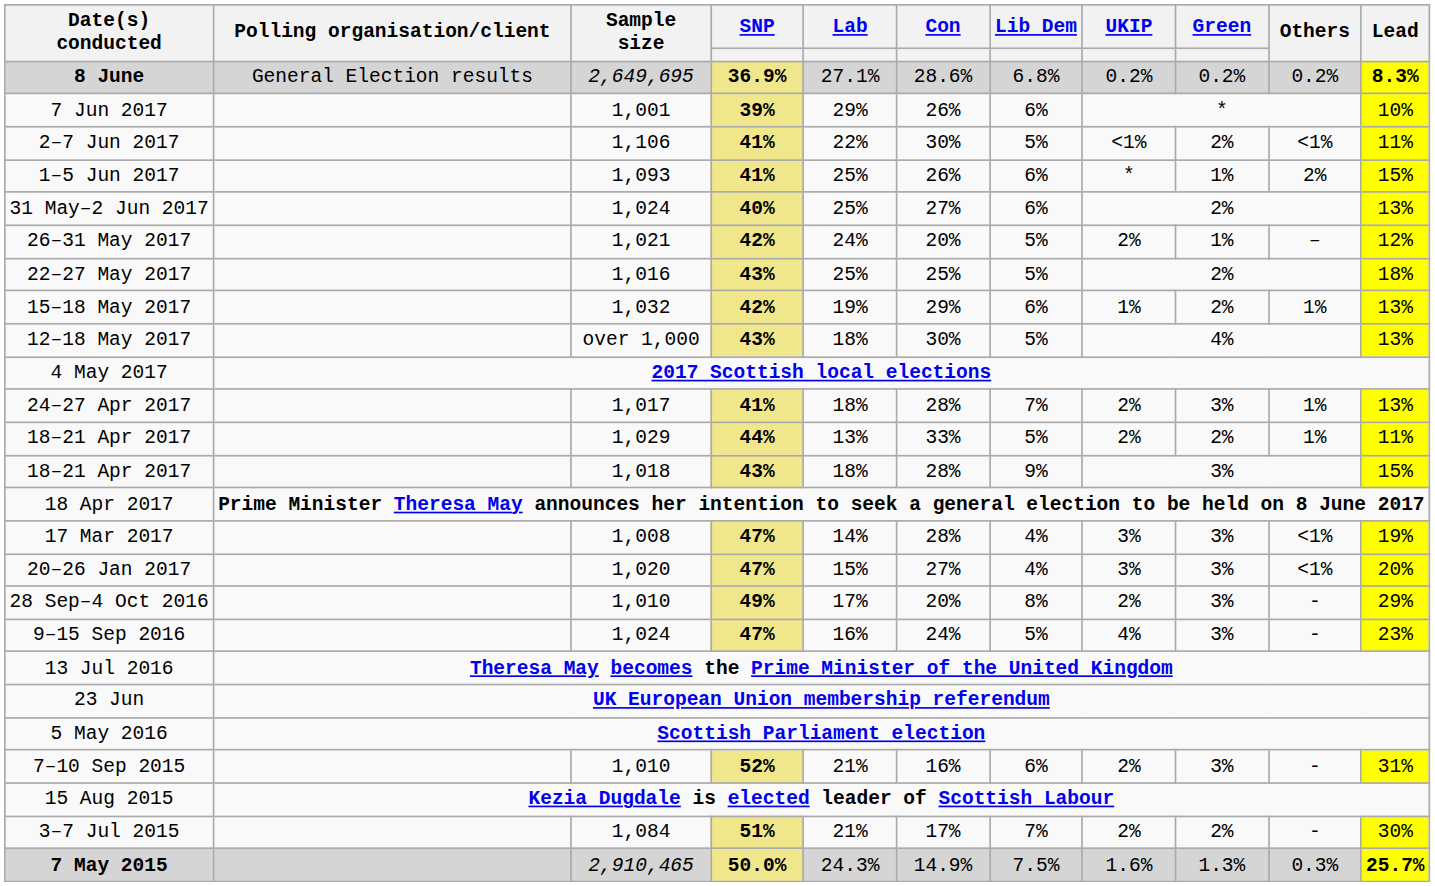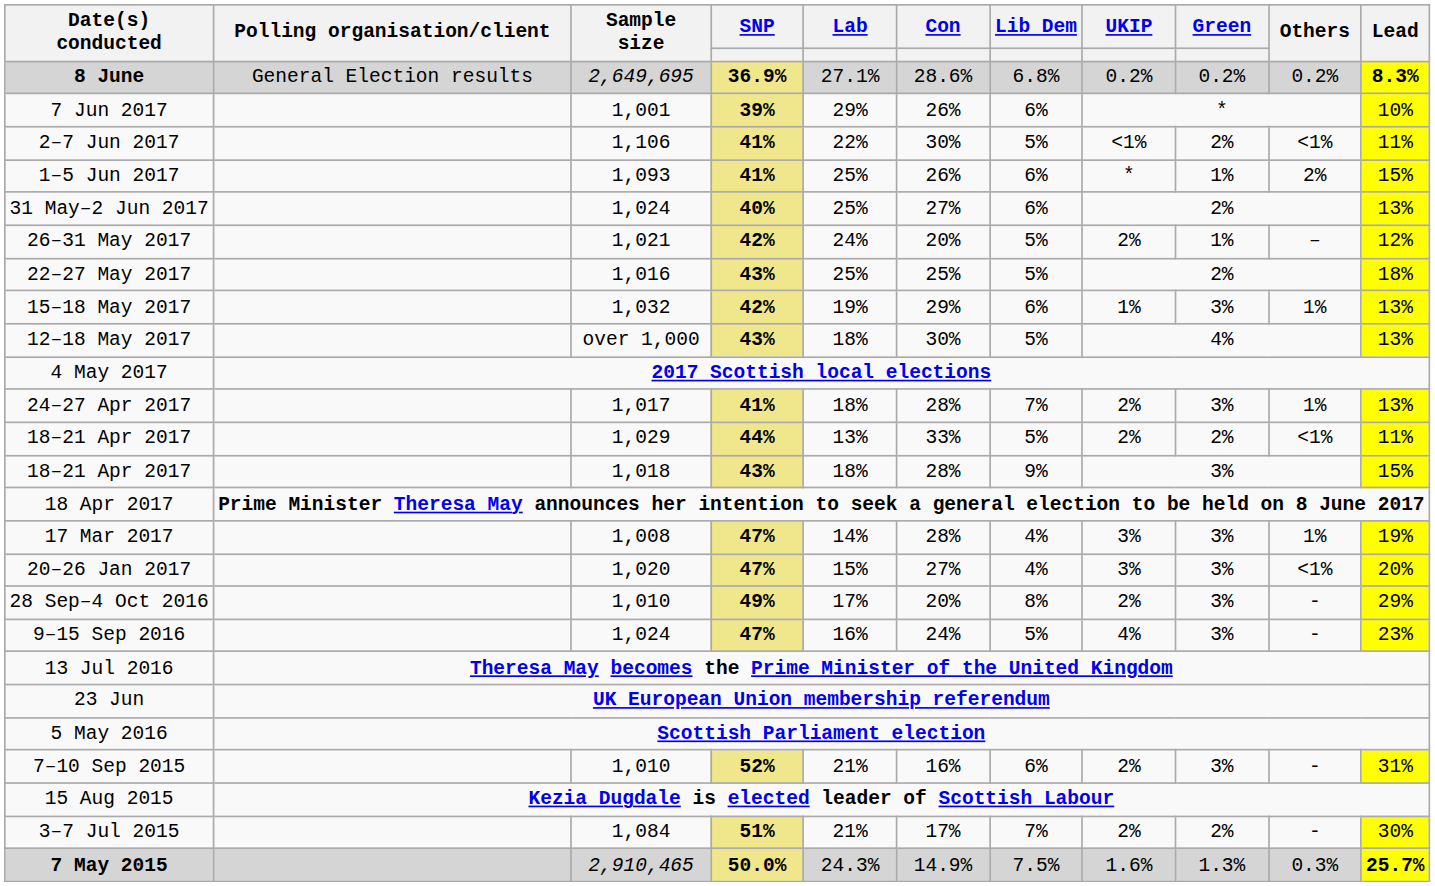 <table class="wikitable sortable mw-datatable" style="text-align:center;font-size:90%;line-height:14px;">
 <tr>
 <th rowspan="2">Date(s)<br>conducted</th>
 <th rowspan="2">Polling organisation/client</th>
 <th rowspan="2">Sample<br>size</th>
 <th style="width:50px;" class="unsortable"><a href='#'>SNP</a></th>
 <th style="width:50px;" class="unsortable"><a href='#'>Lab</a></th>
 <th style="width:50px;" class="unsortable"><a href='#'>Con</a></th>
 <th style="width:50px;" class="unsortable"><a href='#'>Lib Dem</a></th>
 <th style="width:50px;" class="unsortable"><a href='#'>UKIP</a></th>
 <th style="width:50px;" class="unsortable"><a href='#'>Green</a></th>
 <th style="width:50px;" rowspan="2" class="unsortable">Others</th>
 <th class="unsortable" style="width:20px;" rowspan="2">Lead</th>
 </tr>
 <tr>
 <th class="unsortable" style="color:inherit;background:"></th>
 <th class="unsortable" style="color:inherit;background:"></th>
 <th class="unsortable" style="color:inherit;background:"></th>
 <th class="unsortable" style="color:inherit;background:"></th>
 <th class="unsortable" style="color:inherit;background:"></th>
 <th class="unsortable" style="color:inherit;background:"></th>
 </tr>
 <tr>
 <td style="background:#D5D5D5"><strong>8 June</strong></td>
 <td style="background:#D5D5D5">General Election results</td>
 <td style="background:#D5D5D5"><em>2,649,695</em></td>
 <td style="background:khaki; color:Black;"><strong>36.9%</strong></td>
 <td style="background:#D5D5D5">27.1%</td>
 <td style="background:#D5D5D5">28.6%</td>
 <td style="background:#D5D5D5">6.8%</td>
 <td style="background:#D5D5D5">0.2%</td>
 <td style="background:#D5D5D5">0.2%</td>
 <td style="background:#D5D5D5">0.2%</td>
 <td style="background:#ff0; color:Black;"><strong>8.3%</strong></td>
 </tr>
 <tr>
 <td>7 Jun 2017</td>
 <td></td>
 <td>1,001</td>
 <td style="background:khaki"><strong>39%</strong></td>
 <td>29%</td>
 <td>26%</td>
 <td>6%</td>
 <td colspan="3">*</td>
 <td style="background:#ff0">10%</td>
 </tr>
 <tr>
 <td>2–7 Jun 2017</td>
 <td></td>
 <td>1,106</td>
 <td style="background:khaki"><strong>41%</strong></td>
 <td>22%</td>
 <td>30%</td>
 <td>5%</td>
 <td><1%</td>
 <td>2%</td>
 <td><1%</td>
 <td style="background:#ff0">11%</td>
 </tr>
 <tr>
 <td>1–5 Jun 2017</td>
 <td></td>
 <td>1,093</td>
 <td style="background:khaki"><strong>41%</strong></td>
 <td>25%</td>
 <td>26%</td>
 <td>6%</td>
 <td>*</td>
 <td>1%</td>
 <td>2%</td>
 <td style="background:#ff0">15%</td>
 </tr>
 <tr>
 <td>31 May–2 Jun 2017</td>
 <td></td>
 <td>1,024</td>
 <td style="background:khaki"><strong>40%</strong></td>
 <td>25%</td>
 <td>27%</td>
 <td>6%</td>
 <td colspan="3">2%</td>
 <td style="background:#ff0">13%</td>
 </tr>
 <tr>
 <td>26–31 May 2017</td>
 <td></td>
 <td>1,021</td>
 <td style="background:khaki"><strong>42%</strong></td>
 <td>24%</td>
 <td>20%</td>
 <td>5%</td>
 <td>2%</td>
 <td>1%</td>
 <td>–</td>
 <td style="background:#ff0">12%</td>
 </tr>
 <tr>
 <td>22–27 May 2017</td>
 <td></td>
 <td>1,016</td>
 <td style="background:khaki"><strong>43%</strong></td>
 <td>25%</td>
 <td>25%</td>
 <td>5%</td>
 <td colspan="3">2%</td>
 <td style="background:#ff0">18%</td>
 </tr>
 <tr>
 <td>15–18 May 2017</td>
 <td></td>
 <td>1,032</td>
 <td style="background:khaki"><strong>42%</strong></td>
 <td>19%</td>
 <td>29%</td>
 <td>6%</td>
 <td>1%</td>
-<td>2%</td>
+<td>3%</td>
 <td>1%</td>
 <td style="background:#ff0">13%</td>
 </tr>
 <tr>
 <td>12–18 May 2017</td>
 <td></td>
 <td>over 1,000</td>
 <td style="background:khaki"><strong>43%</strong></td>
 <td>18%</td>
 <td>30%</td>
 <td>5%</td>
 <td colspan="3">4%</td>
 <td style="background:#ff0">13%</td>
 </tr>
 <tr>
 <td>4 May 2017</td>
 <td colspan="10"><strong><a href='#'>2017 Scottish local elections</a></strong></td>
 </tr>
 <tr>
 <td>24–27 Apr 2017</td>
 <td></td>
 <td>1,017</td>
 <td style="background:khaki"><strong>41%</strong></td>
 <td>18%</td>
 <td>28%</td>
 <td>7%</td>
 <td>2%</td>
 <td>3%</td>
 <td>1%</td>
 <td style="background:#ff0">13%</td>
 </tr>
 <tr>
 <td>18–21 Apr 2017</td>
 <td></td>
 <td>1,029</td>
 <td style="background:khaki"><strong>44%</strong></td>
 <td>13%</td>
 <td>33%</td>
 <td>5%</td>
 <td>2%</td>
 <td>2%</td>
-<td>1%</td>
+<td><1%</td>
 <td style="background:#ff0">11%</td>
 </tr>
 <tr>
 <td>18–21 Apr 2017</td>
 <td></td>
 <td>1,018</td>
 <td style="background:khaki"><strong>43%</strong></td>
 <td>18%</td>
 <td>28%</td>
 <td>9%</td>
 <td colspan="3">3%</td>
 <td style="background:#ff0">15%</td>
 </tr>
 <tr>
 <td>18 Apr 2017</td>
 <td colspan="10"><strong>Prime Minister <a href='#'>Theresa May</a> announces her intention to seek a general election to be held on 8 June 2017</strong></td>
 </tr>
 <tr>
 <td>17 Mar 2017</td>
 <td></td>
 <td>1,008</td>
 <td style="background:khaki"><strong>47%</strong></td>
 <td>14%</td>
 <td>28%</td>
 <td>4%</td>
 <td>3%</td>
 <td>3%</td>
-<td><1%</td>
+<td>1%</td>
 <td style="background:#ff0">19%</td>
 </tr>
 <tr>
 <td>20–26 Jan 2017</td>
 <td></td>
 <td>1,020</td>
 <td style="background:khaki"><strong>47%</strong></td>
 <td>15%</td>
 <td>27%</td>
 <td>4%</td>
 <td>3%</td>
 <td>3%</td>
 <td><1%</td>
 <td style="background:#ff0">20%</td>
 </tr>
 <tr>
 <td>28 Sep–4 Oct 2016</td>
 <td></td>
 <td>1,010</td>
 <td style="background:khaki"><strong>49%</strong></td>
 <td>17%</td>
 <td>20%</td>
 <td>8%</td>
 <td>2%</td>
 <td>3%</td>
 <td>-</td>
 <td style="background:#ff0">29%</td>
 </tr>
 <tr>
 <td>9–15 Sep 2016</td>
 <td></td>
 <td>1,024</td>
 <td style="background:khaki"><strong>47%</strong></td>
 <td>16%</td>
 <td>24%</td>
 <td>5%</td>
 <td>4%</td>
 <td>3%</td>
 <td>-</td>
 <td style="background:#ff0">23%</td>
 </tr>
 <tr>
 <td>13 Jul 2016</td>
 <td colspan="10"><strong><a href='#'>Theresa May</a> <a href='#'>becomes</a> the <a href='#'>Prime Minister of the United Kingdom</a></strong></td>
 </tr>
 <tr>
 <td>23 Jun</td>
 <td colspan="10"><strong><a href='#'>UK European Union membership referendum</a></strong></td>
 </tr>
 <tr>
 <td>5 May 2016</td>
 <td colspan="10"><strong><a href='#'>Scottish Parliament election</a></strong></td>
 </tr>
 <tr>
 <td>7–10 Sep 2015</td>
 <td></td>
 <td>1,010</td>
 <td style="background:khaki"><strong>52%</strong></td>
 <td>21%</td>
 <td>16%</td>
 <td>6%</td>
 <td>2%</td>
 <td>3%</td>
 <td>-</td>
 <td style="background:#ff0">31%</td>
 </tr>
 <tr>
 <td>15 Aug 2015</td>
 <td colspan="10"><strong><a href='#'>Kezia Dugdale</a> is <a href='#'>elected</a> leader of <a href='#'>Scottish Labour</a></strong></td>
 </tr>
 <tr>
 <td>3–7 Jul 2015</td>
 <td></td>
 <td>1,084</td>
 <td style="background:khaki"><strong>51%</strong></td>
 <td>21%</td>
 <td>17%</td>
 <td>7%</td>
 <td>2%</td>
 <td>2%</td>
 <td>-</td>
 <td style="background:#ff0">30%</td>
 </tr>
 <tr>
 <td style="background:#D5D5D5"><strong>7 May 2015</strong></td>
 <td style="background:#D5D5D5"></td>
 <td style="background:#D5D5D5"><em>2,910,465</em></td>
 <td style="background:khaki; color:Black;"><strong>50.0%</strong></td>
 <td style="background:#D5D5D5">24.3%</td>
 <td style="background:#D5D5D5">14.9%</td>
 <td style="background:#D5D5D5">7.5%</td>
 <td style="background:#D5D5D5">1.6%</td>
 <td style="background:#D5D5D5">1.3%</td>
 <td style="background:#D5D5D5">0.3%</td>
 <td style="background:#ff0; color:Black;"><strong>25.7%</strong></td>
 </tr>
 </table>
